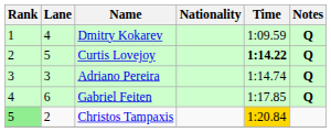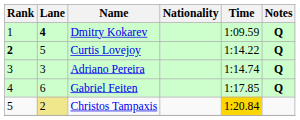 <table class="wikitable">
 <tr>
 <th>Rank</th>
 <th>Lane</th>
 <th>Name</th>
 <th>Nationality</th>
 <th>Time</th>
 <th>Notes</th>
 </tr>
 <tr style="background:#CCFFCC;">
 <td>1</td>
-<td>4</td>
+<td><strong>4</strong></td>
 <td><a href='#'>Dmitry Kokarev</a></td>
 <td></td>
 <td>1:09.59</td>
 <td style="text-align:center;"><strong>Q</strong></td>
 </tr>
 <tr style="background:#CCFFCC;">
-<td>2</td>
+<td><strong>2</strong></td>
 <td>5</td>
 <td><a href='#'>Curtis Lovejoy</a></td>
 <td></td>
-<td><strong>1:14.22</strong></td>
+<td>1:14.22</td>
 <td style="text-align:center;"><strong>Q</strong></td>
 </tr>
 <tr style="background:#CCFFCC;">
 <td>3</td>
 <td>3</td>
 <td><a href='#'>Adriano Pereira</a></td>
 <td></td>
 <td>1:14.74</td>
 <td style="text-align:center;"><strong>Q</strong></td>
 </tr>
 <tr style="background:#CCFFCC;">
 <td>4</td>
 <td>6</td>
 <td><a href='#'>Gabriel Feiten</a></td>
 <td></td>
 <td>1:17.85</td>
 <td style="text-align:center;"><strong>Q</strong></td>
 </tr>
 <tr>
-<td style="background: lightgreen;">5</td>
-<td>2</td>
+<td>5</td>
+<td style="background: khaki;">2</td>
 <td><a href='#'>Christos Tampaxis</a></td>
 <td></td>
 <td style="background: gold;">1:20.84</td>
 <td></td>
 </tr>
 <tr>
 </tr>
 </table>
